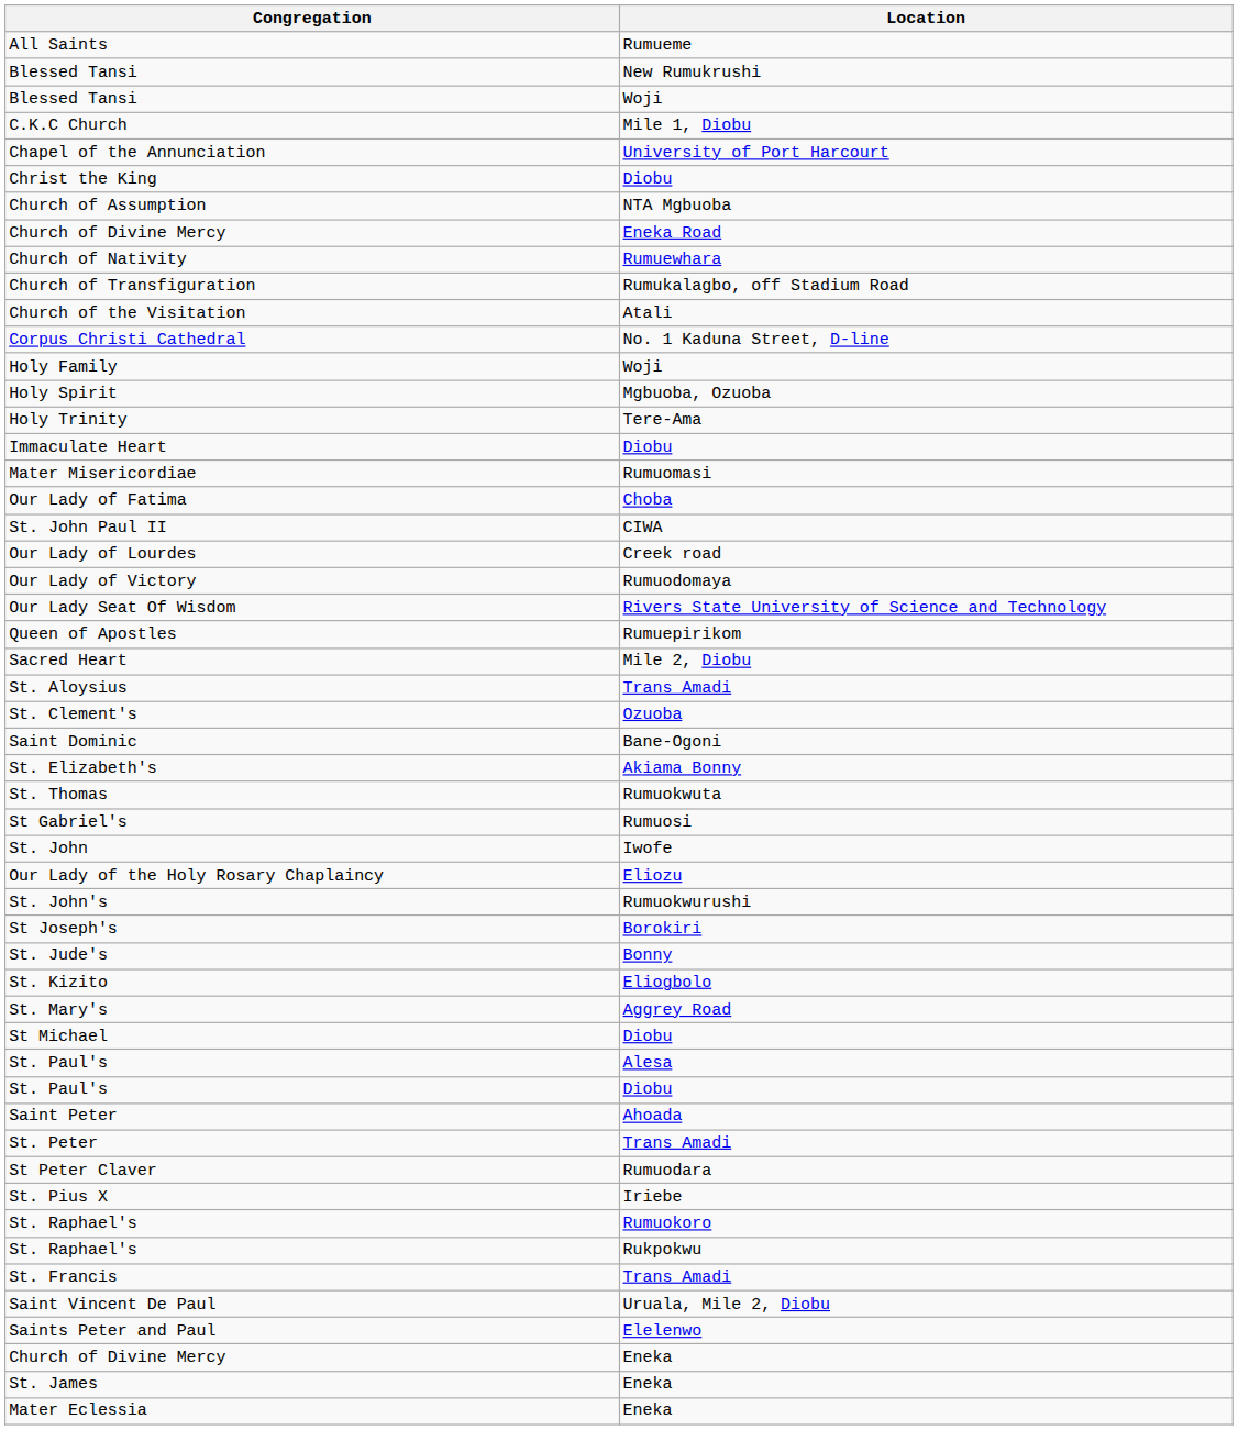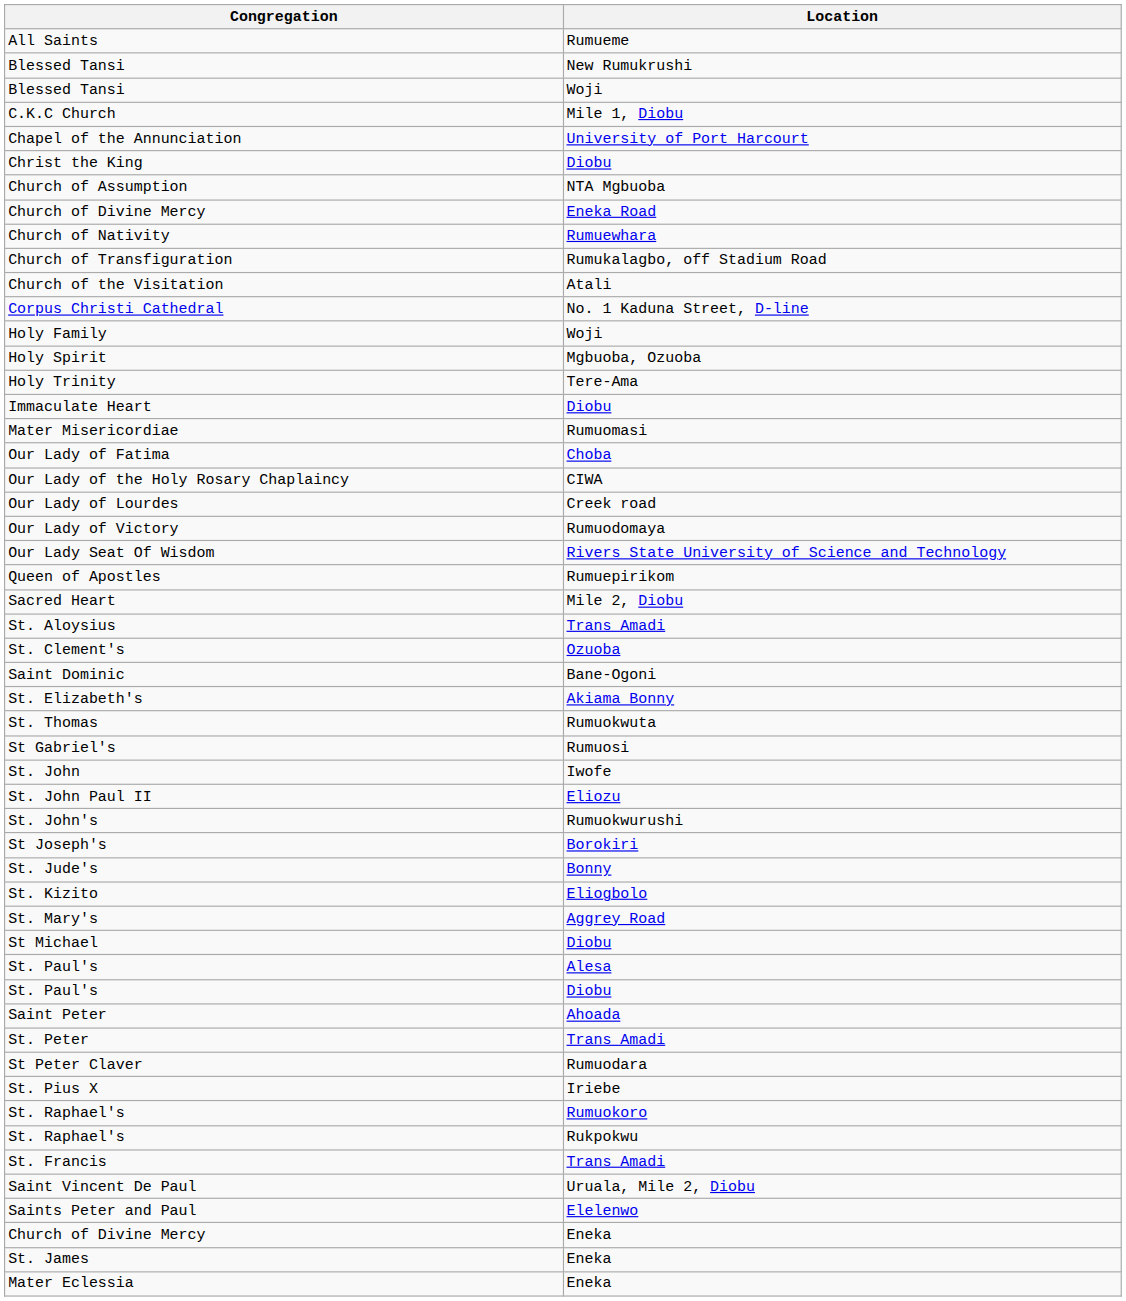 <table class="wikitable sortable">
 <tr>
 <th width=40%>Congregation</th>
 <th width=40%>Location</th>
 </tr>
 <tr>
 <td>All Saints</td>
 <td>Rumueme</td>
 </tr>
 <tr>
 <td>Blessed Tansi</td>
 <td>New Rumukrushi</td>
 </tr>
 <tr>
 <td>Blessed Tansi</td>
 <td>Woji</td>
 </tr>
 <tr>
 <td>C.K.C Church</td>
 <td>Mile 1, <a href='#'>Diobu</a></td>
 </tr>
 <tr>
 <td>Chapel of the Annunciation</td>
 <td><a href='#'>University of Port Harcourt</a></td>
 </tr>
 <tr>
 <td>Christ the King</td>
 <td><a href='#'>Diobu</a></td>
 </tr>
 <tr>
 <td>Church of Assumption</td>
 <td>NTA Mgbuoba</td>
 </tr>
 <tr>
 <td>Church of Divine Mercy</td>
 <td><a href='#'>Eneka Road</a></td>
 </tr>
 <tr>
 <td>Church of Nativity</td>
 <td><a href='#'>Rumuewhara</a></td>
 </tr>
 <tr>
 <td>Church of Transfiguration</td>
 <td>Rumukalagbo, off Stadium Road</td>
 </tr>
 <tr>
 <td>Church of the Visitation</td>
 <td>Atali</td>
 </tr>
 <tr>
 <td><a href='#'>Corpus Christi Cathedral</a></td>
 <td>No. 1 Kaduna Street, <a href='#'>D-line</a></td>
 </tr>
 <tr>
 <td>Holy Family</td>
 <td>Woji</td>
 </tr>
 <tr>
 <td>Holy Spirit</td>
 <td>Mgbuoba, Ozuoba</td>
 </tr>
 <tr>
 <td>Holy Trinity</td>
 <td>Tere-Ama</td>
 </tr>
 <tr>
 <td>Immaculate Heart</td>
 <td><a href='#'>Diobu</a></td>
 </tr>
 <tr>
 <td>Mater Misericordiae</td>
 <td>Rumuomasi</td>
 </tr>
 <tr>
 <td>Our Lady of Fatima</td>
 <td><a href='#'>Choba</a></td>
 </tr>
 <tr>
-<td>St. John Paul II</td>
+<td>Our Lady of the Holy Rosary Chaplaincy</td>
 <td>CIWA</td>
 </tr>
 <tr>
 <td>Our Lady of Lourdes</td>
 <td>Creek road</td>
 </tr>
 <tr>
 <td>Our Lady of Victory</td>
 <td>Rumuodomaya</td>
 </tr>
 <tr>
 <td>Our Lady Seat Of Wisdom</td>
 <td><a href='#'>Rivers State University of Science and Technology</a></td>
 </tr>
 <tr>
 <td>Queen of Apostles</td>
 <td>Rumuepirikom</td>
 </tr>
 <tr>
 <td>Sacred Heart</td>
 <td>Mile 2, <a href='#'>Diobu</a></td>
 </tr>
 <tr>
 <td>St. Aloysius</td>
 <td><a href='#'>Trans Amadi</a></td>
 </tr>
 <tr>
 <td>St. Clement's</td>
 <td><a href='#'>Ozuoba</a></td>
 </tr>
 <tr>
 <td>Saint Dominic</td>
 <td>Bane-Ogoni</td>
 </tr>
 <tr>
 <td>St. Elizabeth's</td>
 <td><a href='#'>Akiama Bonny</a></td>
 </tr>
 <tr>
 <td>St. Thomas</td>
 <td>Rumuokwuta</td>
 </tr>
 <tr>
 <td>St Gabriel's</td>
 <td>Rumuosi</td>
 </tr>
 <tr>
 <td>St. John</td>
 <td>Iwofe</td>
 </tr>
 <tr>
-<td>Our Lady of the Holy Rosary Chaplaincy</td>
+<td>St. John Paul II</td>
 <td><a href='#'>Eliozu</a></td>
 </tr>
 <tr>
 <td>St. John's</td>
 <td>Rumuokwurushi</td>
 </tr>
 <tr>
 <td>St Joseph's</td>
 <td><a href='#'>Borokiri</a></td>
 </tr>
 <tr>
 <td>St. Jude's</td>
 <td><a href='#'>Bonny</a></td>
 </tr>
 <tr>
 <td>St. Kizito</td>
 <td><a href='#'>Eliogbolo</a></td>
 </tr>
 <tr>
 <td>St. Mary's</td>
 <td><a href='#'>Aggrey Road</a></td>
 </tr>
 <tr>
 <td>St Michael</td>
 <td><a href='#'>Diobu</a></td>
 </tr>
 <tr>
 <td>St. Paul's</td>
 <td><a href='#'>Alesa</a></td>
 </tr>
 <tr>
 <td>St. Paul's</td>
 <td><a href='#'>Diobu</a></td>
 </tr>
 <tr>
 <td>Saint Peter</td>
 <td><a href='#'>Ahoada</a></td>
 </tr>
 <tr>
 <td>St. Peter</td>
 <td><a href='#'>Trans Amadi</a></td>
 </tr>
 <tr>
 <td>St Peter Claver</td>
 <td>Rumuodara</td>
 </tr>
 <tr>
 <td>St. Pius X</td>
 <td>Iriebe</td>
 </tr>
 <tr>
 <td>St. Raphael's</td>
 <td><a href='#'>Rumuokoro</a></td>
 </tr>
 <tr>
 <td>St. Raphael's</td>
 <td>Rukpokwu</td>
 </tr>
 <tr>
 <td>St. Francis</td>
 <td><a href='#'>Trans Amadi</a></td>
 </tr>
 <tr>
 <td>Saint Vincent De Paul</td>
 <td>Uruala, Mile 2, <a href='#'>Diobu</a></td>
 </tr>
 <tr>
 <td>Saints Peter and Paul</td>
 <td><a href='#'>Elelenwo</a></td>
 </tr>
 <tr>
 <td>Church of Divine Mercy</td>
 <td>Eneka</td>
 </tr>
 <tr>
 <td>St. James</td>
 <td>Eneka</td>
 </tr>
 <tr>
 <td>Mater Eclessia</td>
 <td>Eneka</td>
 </tr>
 </table>
